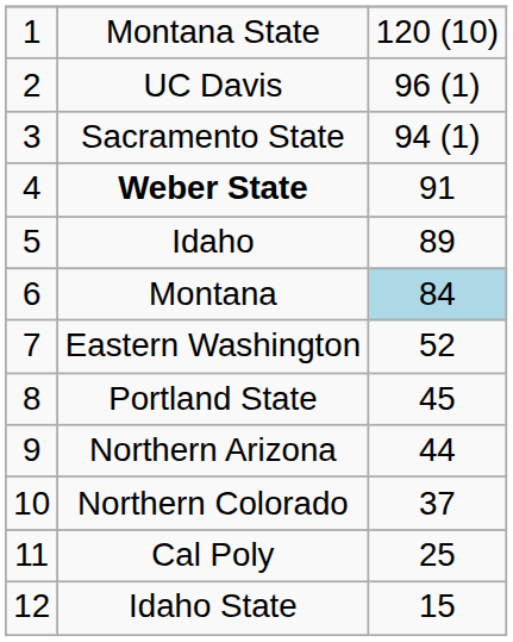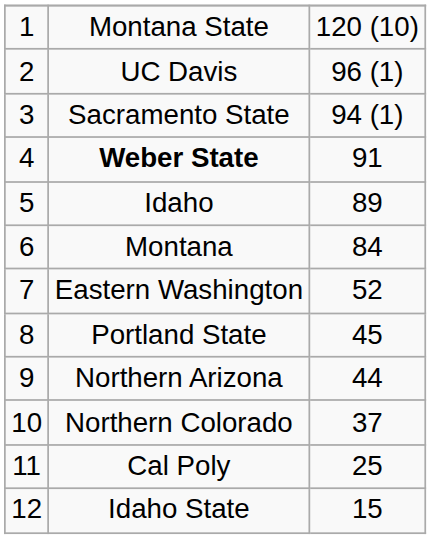 <table class="wikitable" style="display: inline-table;">
 <tr align="center">
 </tr>
 <tr align="center">
 <td>1</td>
 <td>Montana State</td>
 <td>120 (10)</td>
 </tr>
 <tr align="center">
 <td>2</td>
 <td>UC Davis</td>
 <td>96 (1)</td>
 </tr>
 <tr align="center">
 <td>3</td>
 <td>Sacramento State</td>
 <td>94 (1)</td>
 </tr>
 <tr align="center">
 <td>4</td>
 <td><strong>Weber State</strong></td>
 <td>91</td>
 </tr>
 <tr align="center">
 <td>5</td>
 <td>Idaho</td>
 <td>89</td>
 </tr>
 <tr align="center">
 <td>6</td>
 <td>Montana</td>
-<td style="background: lightblue;">84</td>
+<td>84</td>
 </tr>
 <tr align="center">
 <td>7</td>
 <td>Eastern Washington</td>
 <td>52</td>
 </tr>
 <tr align="center">
 <td>8</td>
 <td>Portland State</td>
 <td>45</td>
 </tr>
 <tr align="center">
 <td>9</td>
 <td>Northern Arizona</td>
 <td>44</td>
 </tr>
 <tr align="center">
 <td>10</td>
 <td>Northern Colorado</td>
 <td>37</td>
 </tr>
 <tr align="center">
 <td>11</td>
 <td>Cal Poly</td>
 <td>25</td>
 </tr>
 <tr align="center">
 <td>12</td>
 <td>Idaho State</td>
 <td>15</td>
 </tr>
 </table>
